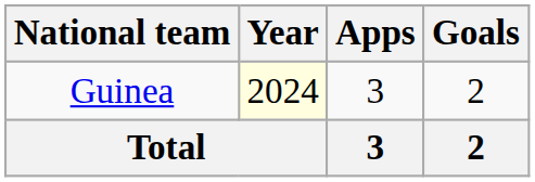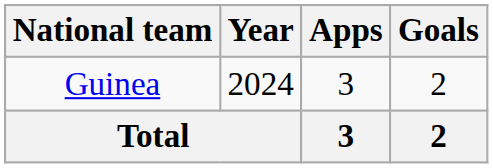 <table class="wikitable" style="text-align: center">
 <tr>
 <th>National team</th>
 <th>Year</th>
 <th>Apps</th>
 <th>Goals</th>
 </tr>
 <tr>
 <td><a href='#'>Guinea</a></td>
-<td style="background: lightyellow;">2024</td>
+<td>2024</td>
 <td>3</td>
 <td>2</td>
 </tr>
 <tr>
 <th colspan="2">Total</th>
 <th>3</th>
 <th>2</th>
 </tr>
 </table>
